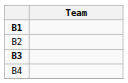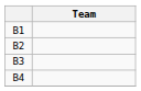 <table class="wikitable" style="display:inline-table;">
 <tr>
 <th width=30></th>
 <th width=130>Team</th>
 </tr>
 <tr>
-<td align=center><strong>B1</strong></td>
+<td align=center>B1</td>
 <td></td>
 </tr>
 <tr>
 <td align=center>B2</td>
 <td></td>
 </tr>
 <tr>
-<td align=center><strong>B3</strong></td>
+<td align=center>B3</td>
 <td></td>
 </tr>
 <tr>
 <td align=center>B4</td>
 <td></td>
 </tr>
 <tr>
 </tr>
 </table>
